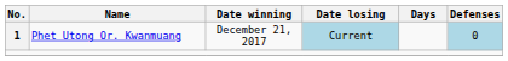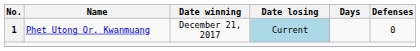 <table class="wikitable" width=100%>
 <tr>
 <th style="width:1%;">No.</th>
 <th style="width:37%;">Name</th>
 <th style="width:20%;">Date winning</th>
 <th style="width:20%;">Date losing</th>
 <th data-sort-type="number" style="width:10%;">Days</th>
 <th data-sort-type="number" style="width:10%;">Defenses</th>
 </tr>
 <tr align=center>
 <th>1</th>
 <td align=left> <a href='#'>Phet Utong Or. Kwanmuang</a></td>
 <td>December 21, 2017</td>
 <td style="background: lightblue;">Current</td>
 <td></td>
-<td style="background: lightblue;">0</td>
+<td>0</td>
 </tr>
 <tr>
 <td colspan="6"></td>
 </tr>
 <tr>
 </tr>
 </table>
